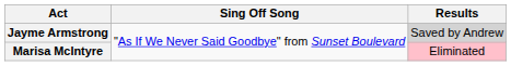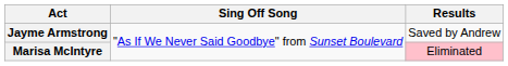 <table class="wikitable plainrowheaders" style="text-align:center;">
 <tr>
 <th scope="col">Act</th>
 <th scope="col">Sing Off Song</th>
 <th scope="col">Results</th>
 </tr>
 <tr>
 <th scope="row">Jayme Armstrong</th>
 <td rowspan="3">"<a href='#'>As If We Never Said Goodbye</a>" from <em><a href='#'>Sunset Boulevard</a></em></td>
-<td style="background: lightgrey;">Saved by Andrew</td>
+<td>Saved by Andrew</td>
 </tr>
 <tr>
 <th scope="row">Marisa McIntyre</th>
 <td style="background:pink;">Eliminated</td>
 </tr>
 </table>
